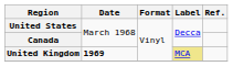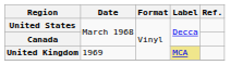 <table class="wikitable plainrowheaders">
 <tr>
 <th scope="col">Region</th>
 <th scope="col">Date</th>
 <th scope="col">Format</th>
 <th scope="col">Label</th>
 <th scope="col">Ref.</th>
 </tr>
 <tr>
 <th scope="row">United States</th>
 <td rowspan="2">March 1968</td>
 <td rowspan="3">Vinyl</td>
 <td rowspan="2"><a href='#'>Decca</a></td>
 <td></td>
 </tr>
 <tr>
 <th scope="row">Canada</th>
 <td></td>
 </tr>
 <tr>
 <th scope="row">United Kingdom</th>
-<td><strong>1969</strong></td>
+<td>1969</td>
 <td style="background: khaki;"><a href='#'>MCA</a></td>
 <td></td>
 </tr>
 <tr>
 </tr>
 </table>
